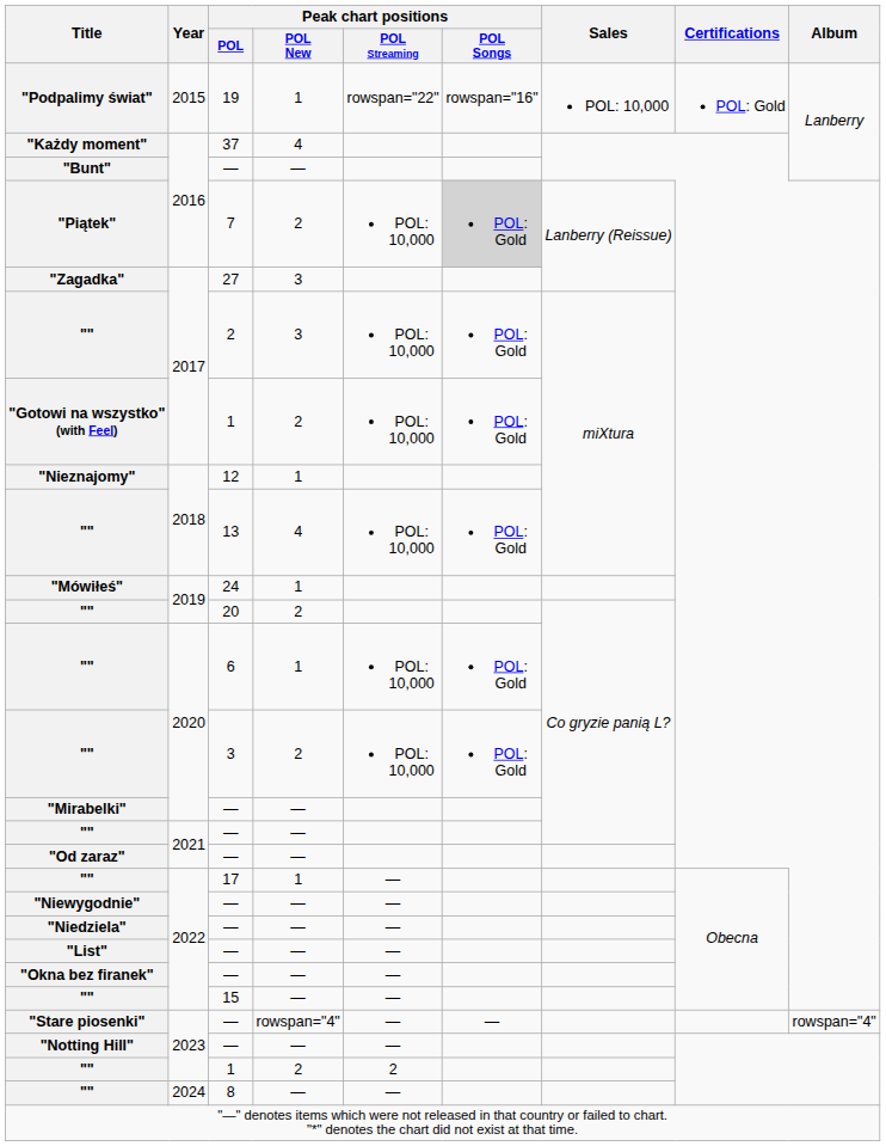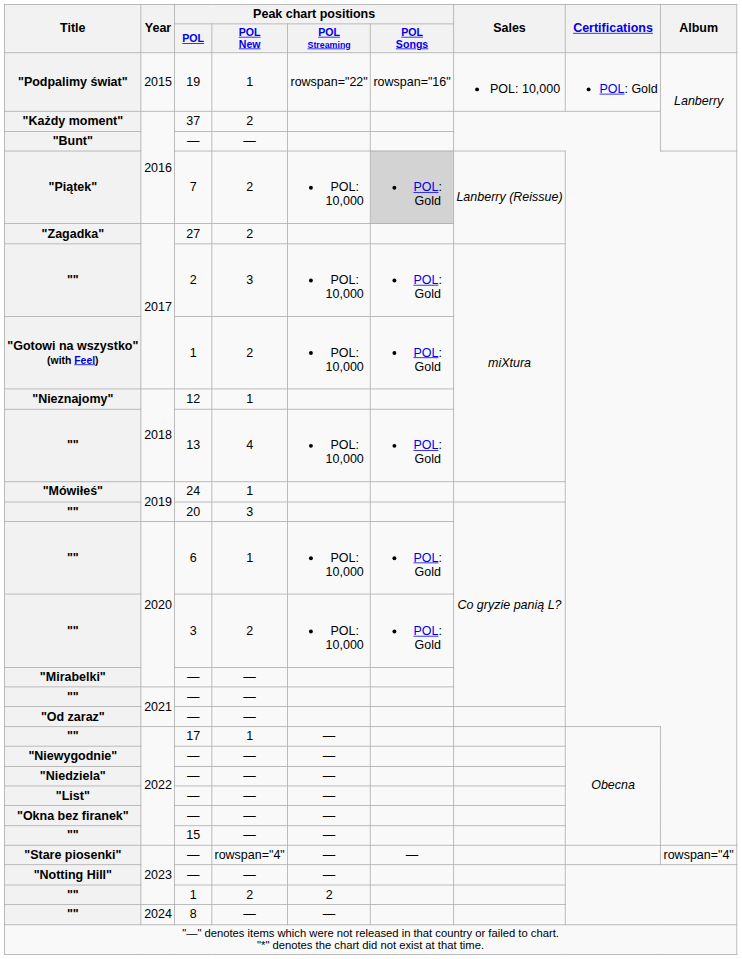 <table class="wikitable plainrowheaders" style="text-align:center;">
 <tr>
 <th rowspan="2" scope="col">Title</th>
 <th rowspan="2" scope="col">Year</th>
 <th colspan="4" scope="col">Peak chart positions</th>
 <th scope="col" rowspan=2>Sales</th>
 <th scope="col" rowspan=2><a href='#'>Certifications</a></th>
 <th scope="col" rowspan=2>Album</th>
 </tr>
 <tr>
 <th scope="col" style="width:3em;font-size:85%;"><a href='#'>POL</a><br></th>
 <th scope="col" style="width:3em;font-size:85%;"><a href='#'>POL<br>New</a><br></th>
 <th scope="col" style="width:3em;font-size:85%;"><a href='#'>POL<br><small>Streaming</small></a><br></th>
 <th scope="col" style="width:3em;font-size:85%;"><a href='#'>POL<br>Songs</a><br></th>
 </tr>
 <tr>
 <th scope="row">"Podpalimy świat"</th>
 <td rowspan="1">2015</td>
 <td>19</td>
 <td>1</td>
 <td>rowspan="22" </td>
 <td>rowspan="16" </td>
 <td><br><ul><li>POL: 10,000</li></ul></td>
 <td><br><ul><li><a href='#'>POL</a>: Gold</li></ul></td>
 <td rowspan=3><em>Lanberry</em></td>
 </tr>
 <tr>
 <th scope="row">"Każdy moment"</th>
 <td rowspan="3">2016</td>
 <td>37</td>
-<td>4</td>
+<td>2</td>
 <td></td>
 <td></td>
 </tr>
 <tr>
 <th scope="row">"Bunt"</th>
 <td>—</td>
 <td>—</td>
 <td></td>
 <td></td>
 </tr>
 <tr>
 <th scope="row">"Piątek"</th>
 <td>7</td>
 <td>2</td>
 <td><br><ul><li>POL: 10,000</li></ul></td>
 <td style="background: lightgrey;"><br><ul><li><a href='#'>POL</a>: Gold</li></ul></td>
 <td rowspan=2><em>Lanberry (Reissue)</em></td>
 </tr>
 <tr>
 <th scope="row">"Zagadka"</th>
 <td rowspan="3">2017</td>
 <td>27</td>
-<td>3</td>
+<td>2</td>
 <td></td>
 <td></td>
 </tr>
 <tr>
 <th scope="row">""</th>
 <td>2</td>
 <td>3</td>
 <td><br><ul><li>POL: 10,000</li></ul></td>
 <td><br><ul><li><a href='#'>POL</a>: Gold</li></ul></td>
 <td rowspan="4"><em>miXtura</em></td>
 </tr>
 <tr>
 <th scope="row">"Gotowi na wszystko"<br><small>(with <a href='#'>Feel</a>)</small></th>
 <td>1</td>
 <td>2</td>
 <td><br><ul><li>POL: 10,000</li></ul></td>
 <td><br><ul><li><a href='#'>POL</a>: Gold</li></ul></td>
 </tr>
 <tr>
 <th scope="row">"Nieznajomy"</th>
 <td rowspan="2">2018</td>
 <td>12</td>
 <td>1</td>
 <td></td>
 <td></td>
 </tr>
 <tr>
 <th scope="row">""</th>
 <td>13</td>
 <td>4</td>
 <td><br><ul><li>POL: 10,000</li></ul></td>
 <td><br><ul><li><a href='#'>POL</a>: Gold</li></ul></td>
 </tr>
 <tr>
 <th scope="row">"Mówiłeś"</th>
 <td rowspan="2">2019</td>
 <td>24</td>
 <td>1</td>
 <td></td>
 <td></td>
 <td></td>
 </tr>
 <tr>
 <th scope="row">""</th>
 <td>20</td>
-<td>2</td>
+<td>3</td>
 <td></td>
 <td></td>
 <td rowspan="5"><em>Co gryzie panią L?</em></td>
 </tr>
 <tr>
 <th scope="row">""</th>
 <td rowspan="3">2020</td>
 <td>6</td>
 <td>1</td>
 <td><br><ul><li>POL: 10,000</li></ul></td>
 <td><br><ul><li><a href='#'>POL</a>: Gold</li></ul></td>
 </tr>
 <tr>
 <th scope="row">""</th>
 <td>3</td>
 <td>2</td>
 <td><br><ul><li>POL: 10,000</li></ul></td>
 <td><br><ul><li><a href='#'>POL</a>: Gold</li></ul></td>
 </tr>
 <tr>
 <th scope="row">"Mirabelki"</th>
 <td>—</td>
 <td>—</td>
 <td></td>
 <td></td>
 </tr>
 <tr>
 <th scope="row">""</th>
 <td rowspan="2">2021</td>
 <td>—</td>
 <td>—</td>
 <td></td>
 <td></td>
 </tr>
 <tr>
 <th scope="row">"Od zaraz"</th>
 <td>—</td>
 <td>—</td>
 <td></td>
 <td></td>
 <td></td>
 </tr>
 <tr>
 <th scope="row">""</th>
 <td rowspan="6">2022</td>
 <td>17</td>
 <td>1</td>
 <td>—</td>
 <td></td>
 <td></td>
 <td rowspan="6"><em>Obecna</em></td>
 </tr>
 <tr>
 <th scope="row">"Niewygodnie"</th>
 <td>—</td>
 <td>—</td>
 <td>—</td>
 <td></td>
 <td></td>
 </tr>
 <tr>
 <th scope="row">"Niedziela"</th>
 <td>—</td>
 <td>—</td>
 <td>—</td>
 <td></td>
 <td></td>
 </tr>
 <tr>
 <th scope="row">"List"</th>
 <td>—</td>
 <td>—</td>
 <td>—</td>
 <td></td>
 <td></td>
 </tr>
 <tr>
 <th scope="row">"Okna bez firanek"</th>
 <td>—</td>
 <td>—</td>
 <td>—</td>
 <td></td>
 <td></td>
 </tr>
 <tr>
 <th scope="row">""</th>
 <td>15</td>
 <td>—</td>
 <td>—</td>
 <td></td>
 <td></td>
 </tr>
 <tr>
 <th scope="row">"Stare piosenki"<br></th>
 <td rowspan="3">2023</td>
 <td>—</td>
 <td>rowspan="4" </td>
 <td>—</td>
 <td>—</td>
 <td></td>
 <td></td>
 <td>rowspan="4" </td>
 </tr>
 <tr>
 <th scope="row">"Notting Hill"</th>
 <td>—</td>
 <td>—</td>
 <td>—</td>
 <td></td>
 <td></td>
 </tr>
 <tr>
 <th scope="row">""<br></th>
 <td>1</td>
 <td>2</td>
 <td>2</td>
 <td></td>
 <td></td>
 </tr>
 <tr>
 <th scope="row">""</th>
 <td>2024</td>
 <td>8</td>
 <td>—</td>
 <td>—</td>
 <td></td>
 <td></td>
 </tr>
 <tr>
 <td colspan="9" style="font-size:90%;">"—" denotes items which were not released in that country or failed to chart.<br>"*" denotes the chart did not exist at that time.</td>
 </tr>
 </table>
